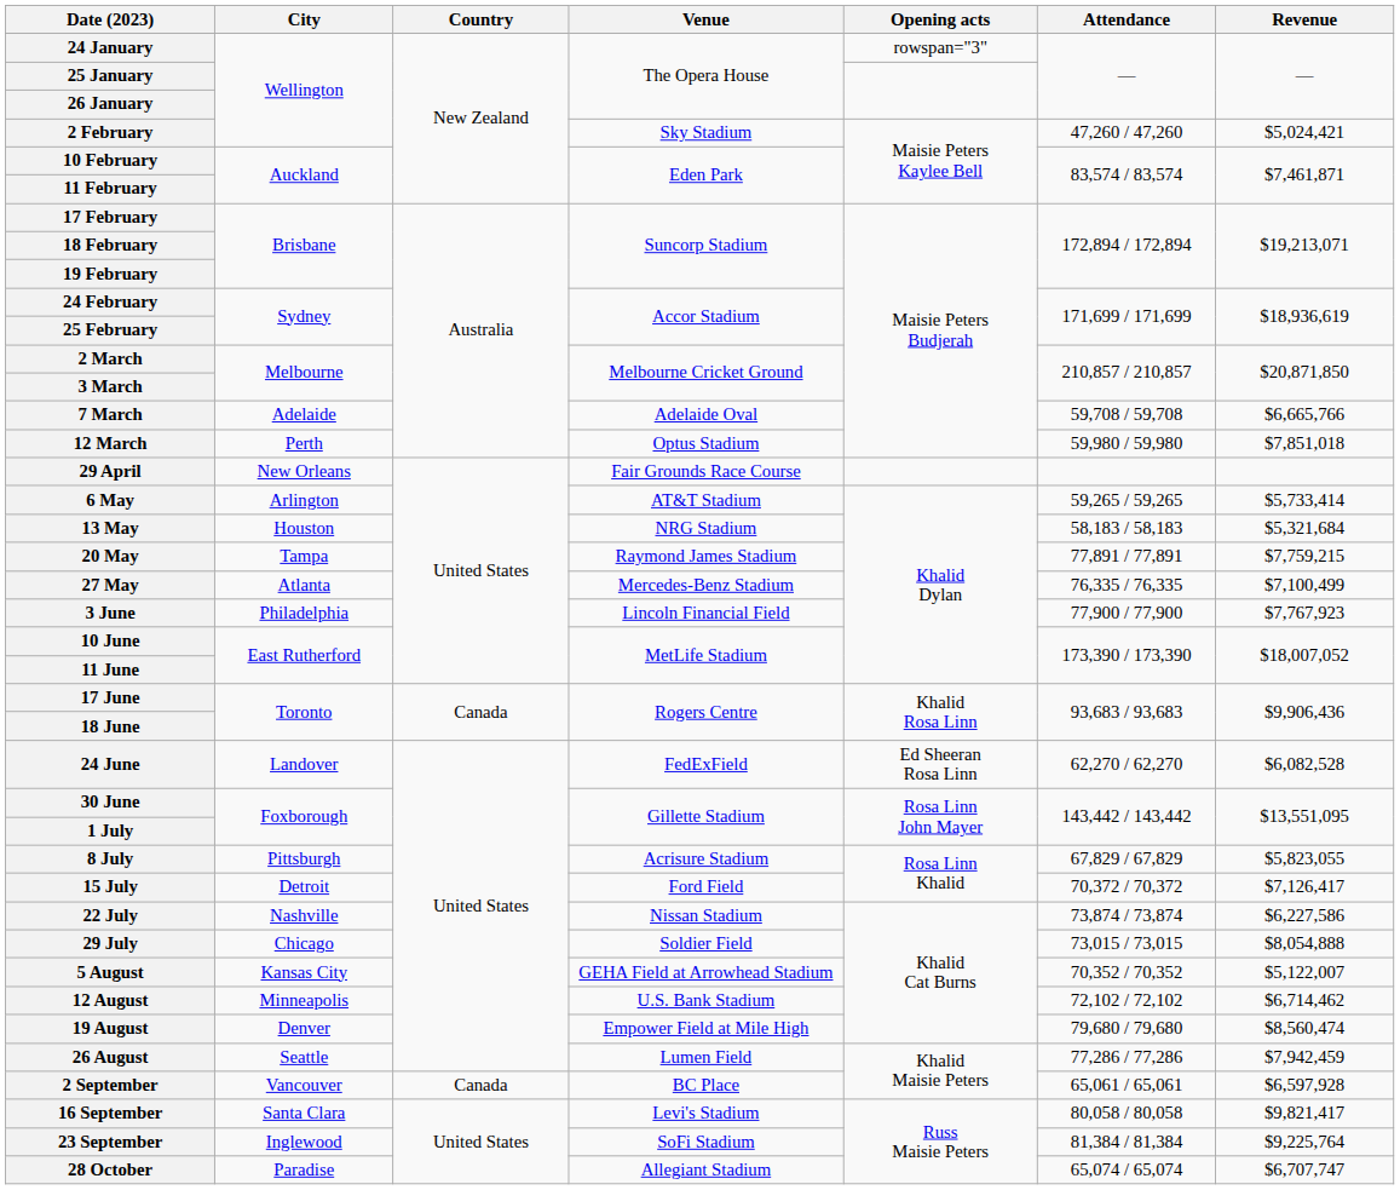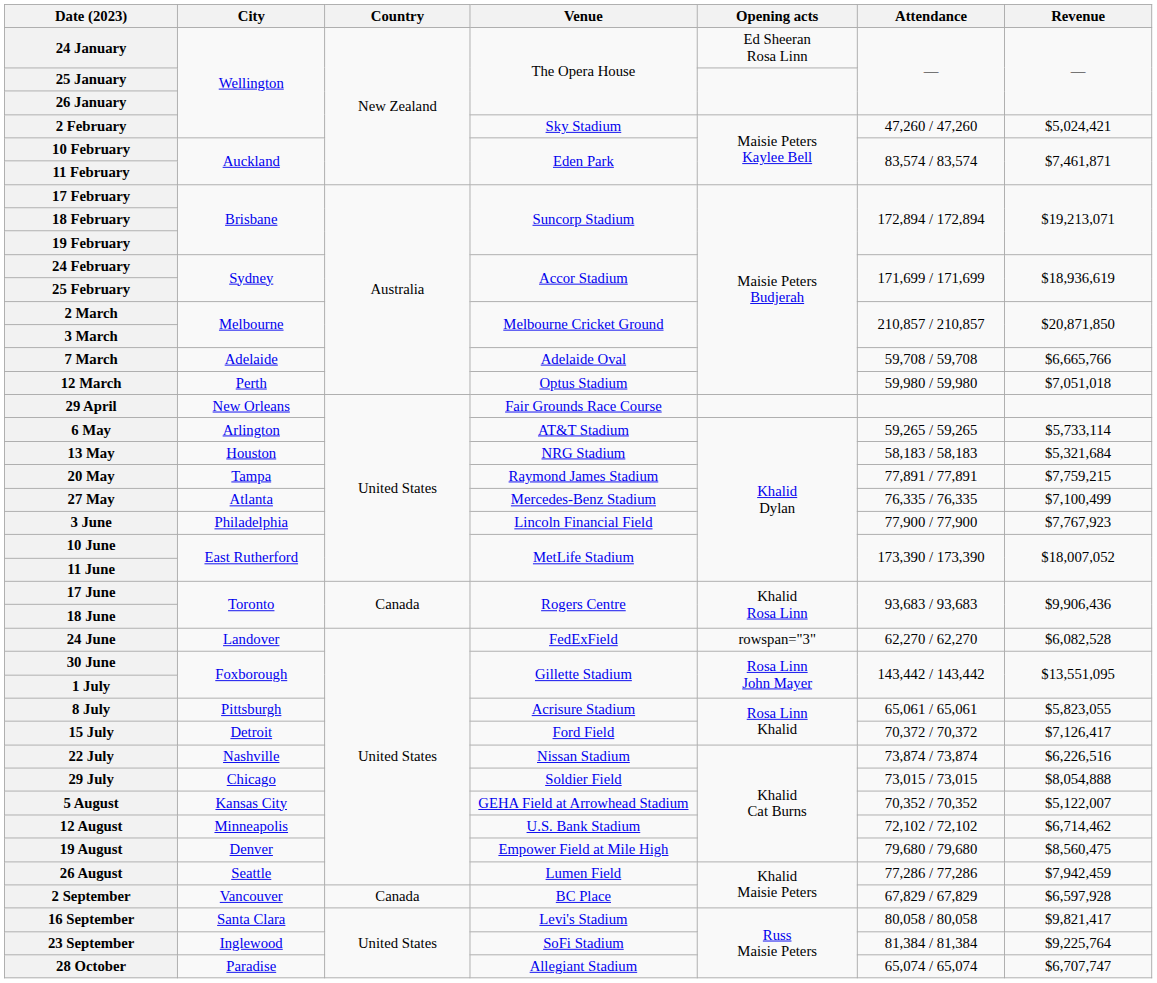 <table class="wikitable plainrowheaders" style="text-align:center;">
 <tr>
 <th scope="col" style="width:12em;">Date (2023)</th>
 <th scope="col" style="width:10em;">City</th>
 <th scope="col" style="width:10em;">Country</th>
 <th scope="col" style="width:16em;">Venue</th>
 <th scope="col" style="width:11em;">Opening acts</th>
 <th scope="col" style="width:10em;">Attendance</th>
 <th scope="col" style="width:10em;">Revenue</th>
 </tr>
 <tr>
 <th scope="row" style="text-align:center;">24 January</th>
 <td rowspan="4"><a href='#'>Wellington</a></td>
 <td rowspan="6">New Zealand</td>
 <td rowspan="3">The Opera House</td>
-<td>rowspan="3" </td>
+<td>Ed Sheeran<br>Rosa Linn</td>
 <td rowspan="3">—</td>
 <td rowspan="3">—</td>
 </tr>
 <tr>
 <th scope="row" style="text-align:center;">25 January</th>
 </tr>
 <tr>
 <th scope="row" style="text-align:center;">26 January</th>
 </tr>
 <tr>
 <th scope="row" style="text-align:center;">2 February</th>
 <td><a href='#'>Sky Stadium</a></td>
 <td rowspan="3">Maisie Peters <br> <a href='#'>Kaylee Bell</a></td>
 <td>47,260 / 47,260</td>
 <td>$5,024,421</td>
 </tr>
 <tr>
 <th scope="row" style="text-align:center;">10 February</th>
 <td rowspan="2"><a href='#'>Auckland</a></td>
 <td rowspan="2"><a href='#'>Eden Park</a></td>
 <td rowspan="2">83,574 / 83,574</td>
 <td rowspan="2">$7,461,871</td>
 </tr>
 <tr>
 <th scope="row" style="text-align:center;">11 February</th>
 </tr>
 <tr>
 <th scope="row" style="text-align:center;">17 February</th>
 <td rowspan="3"><a href='#'>Brisbane</a></td>
 <td rowspan="9">Australia</td>
 <td rowspan="3"><a href='#'>Suncorp Stadium</a></td>
 <td rowspan="9">Maisie Peters <br> <a href='#'>Budjerah</a></td>
 <td rowspan="3">172,894 / 172,894</td>
 <td rowspan="3">$19,213,071</td>
 </tr>
 <tr>
 <th scope="row" style="text-align:center;">18 February</th>
 </tr>
 <tr>
 <th scope="row" style="text-align:center;">19 February</th>
 </tr>
 <tr>
 <th scope="row" style="text-align:center;">24 February</th>
 <td rowspan="2"><a href='#'>Sydney</a></td>
 <td rowspan="2"><a href='#'>Accor Stadium</a></td>
 <td rowspan="2">171,699 / 171,699</td>
 <td rowspan="2">$18,936,619</td>
 </tr>
 <tr>
 <th scope="row" style="text-align:center;">25 February</th>
 </tr>
 <tr>
 <th scope="row" style="text-align:center;">2 March</th>
 <td rowspan="2"><a href='#'>Melbourne</a></td>
 <td rowspan="2"><a href='#'>Melbourne Cricket Ground</a></td>
 <td rowspan="2">210,857 / 210,857</td>
 <td rowspan="2">$20,871,850</td>
 </tr>
 <tr>
 <th scope="row" style="text-align:center;">3 March</th>
 </tr>
 <tr>
 <th scope="row" style="text-align:center;">7 March</th>
 <td><a href='#'>Adelaide</a></td>
 <td><a href='#'>Adelaide Oval</a></td>
 <td>59,708 / 59,708</td>
 <td>$6,665,766</td>
 </tr>
 <tr>
 <th scope="row" style="text-align:center;">12 March</th>
 <td><a href='#'>Perth</a></td>
 <td><a href='#'>Optus Stadium</a></td>
 <td>59,980 / 59,980</td>
-<td>$7,851,018</td>
+<td>$7,051,018</td>
 </tr>
 <tr>
 <th scope="row" style="text-align:center;">29 April</th>
 <td><a href='#'>New Orleans</a></td>
 <td rowspan="8">United States</td>
 <td><a href='#'>Fair Grounds Race Course</a></td>
 <td></td>
 <td></td>
 <td></td>
 </tr>
 <tr>
 <th scope="row" style="text-align:center;">6 May</th>
 <td><a href='#'>Arlington</a></td>
 <td><a href='#'>AT&T Stadium</a></td>
 <td rowspan="7"><a href='#'>Khalid</a><br>Dylan</td>
 <td>59,265 / 59,265</td>
-<td>$5,733,414</td>
+<td>$5,733,114</td>
 </tr>
 <tr>
 <th scope="row" style="text-align:center;">13 May</th>
 <td><a href='#'>Houston</a></td>
 <td><a href='#'>NRG Stadium</a></td>
 <td>58,183 / 58,183</td>
 <td>$5,321,684</td>
 </tr>
 <tr>
 <th scope="row" style="text-align:center;">20 May</th>
 <td><a href='#'>Tampa</a></td>
 <td><a href='#'>Raymond James Stadium</a></td>
 <td>77,891 / 77,891</td>
 <td>$7,759,215</td>
 </tr>
 <tr>
 <th scope="row" style="text-align:center;">27 May</th>
 <td><a href='#'>Atlanta</a></td>
 <td><a href='#'>Mercedes-Benz Stadium</a></td>
 <td>76,335 / 76,335</td>
 <td>$7,100,499</td>
 </tr>
 <tr>
 <th scope="row" style="text-align:center;">3 June</th>
 <td><a href='#'>Philadelphia</a></td>
 <td><a href='#'>Lincoln Financial Field</a></td>
 <td>77,900 / 77,900</td>
 <td>$7,767,923</td>
 </tr>
 <tr>
 <th scope="row" style="text-align:center;">10 June</th>
 <td rowspan="2"><a href='#'>East Rutherford</a></td>
 <td rowspan="2"><a href='#'>MetLife Stadium</a></td>
 <td rowspan="2">173,390 / 173,390</td>
 <td rowspan="2">$18,007,052</td>
 </tr>
 <tr>
 <th scope="row" style="text-align:center;">11 June</th>
 </tr>
 <tr>
 <th scope="row" style="text-align:center;">17 June</th>
 <td rowspan="2"><a href='#'>Toronto</a></td>
 <td rowspan="2">Canada</td>
 <td rowspan="2"><a href='#'>Rogers Centre</a></td>
 <td rowspan="2">Khalid<br><a href='#'>Rosa Linn</a></td>
 <td rowspan="2">93,683 / 93,683</td>
 <td rowspan="2">$9,906,436</td>
 </tr>
 <tr>
 <th scope="row" style="text-align:center;">18 June</th>
 </tr>
 <tr>
 <th scope="row" style="text-align:center;">24 June</th>
 <td><a href='#'>Landover</a></td>
 <td rowspan="11">United States</td>
 <td><a href='#'>FedExField</a></td>
-<td>Ed Sheeran<br>Rosa Linn</td>
+<td>rowspan="3" </td>
 <td>62,270 / 62,270</td>
 <td>$6,082,528</td>
 </tr>
 <tr>
 <th scope="row" style="text-align:center;">30 June</th>
 <td rowspan="2"><a href='#'>Foxborough</a></td>
 <td rowspan="2"><a href='#'>Gillette Stadium</a></td>
 <td rowspan="2"><a href='#'>Rosa Linn</a><br><a href='#'>John Mayer</a></td>
 <td rowspan="2">143,442 / 143,442</td>
 <td rowspan="2">$13,551,095</td>
 </tr>
 <tr>
 <th scope="row" style="text-align:center;">1 July</th>
 </tr>
 <tr>
 <th scope="row" style="text-align:center;">8 July</th>
 <td><a href='#'>Pittsburgh</a></td>
 <td><a href='#'>Acrisure Stadium</a></td>
 <td rowspan="2"><a href='#'>Rosa Linn</a><br>Khalid</td>
-<td>67,829 / 67,829</td>
+<td>65,061 / 65,061</td>
 <td>$5,823,055</td>
 </tr>
 <tr>
 <th scope="row" style="text-align:center;">15 July</th>
 <td><a href='#'>Detroit</a></td>
 <td><a href='#'>Ford Field</a></td>
 <td>70,372 / 70,372</td>
 <td>$7,126,417</td>
 </tr>
 <tr>
 <th scope="row" style="text-align:center;">22 July</th>
 <td><a href='#'>Nashville</a></td>
 <td><a href='#'>Nissan Stadium</a></td>
 <td rowspan="5">Khalid<br>Cat Burns</td>
 <td>73,874 / 73,874</td>
-<td>$6,227,586</td>
+<td>$6,226,516</td>
 </tr>
 <tr>
 <th scope="row" style="text-align:center;">29 July</th>
 <td><a href='#'>Chicago</a></td>
 <td><a href='#'>Soldier Field</a></td>
 <td>73,015 / 73,015</td>
 <td>$8,054,888</td>
 </tr>
 <tr>
 <th scope="row" style="text-align:center;">5 August</th>
 <td><a href='#'>Kansas City</a></td>
 <td><a href='#'>GEHA Field at Arrowhead Stadium</a></td>
 <td>70,352 / 70,352</td>
 <td>$5,122,007</td>
 </tr>
 <tr>
 <th scope="row" style="text-align:center;">12 August</th>
 <td><a href='#'>Minneapolis</a></td>
 <td><a href='#'>U.S. Bank Stadium</a></td>
 <td>72,102 / 72,102</td>
 <td>$6,714,462</td>
 </tr>
 <tr>
 <th scope="row" style="text-align:center;">19 August</th>
 <td><a href='#'>Denver</a></td>
 <td><a href='#'>Empower Field at Mile High</a></td>
 <td>79,680 / 79,680</td>
-<td>$8,560,474</td>
+<td>$8,560,475</td>
 </tr>
 <tr>
 <th scope="row" style="text-align:center;">26 August</th>
 <td><a href='#'>Seattle</a></td>
 <td><a href='#'>Lumen Field</a></td>
 <td rowspan="2">Khalid<br>Maisie Peters</td>
 <td>77,286 / 77,286</td>
 <td>$7,942,459</td>
 </tr>
 <tr>
 <th scope="row" style="text-align:center;">2 September</th>
 <td><a href='#'>Vancouver</a></td>
 <td>Canada</td>
 <td><a href='#'>BC Place</a></td>
-<td>65,061 / 65,061</td>
+<td>67,829 / 67,829</td>
 <td>$6,597,928</td>
 </tr>
 <tr>
 <th scope="row" style="text-align:center;">16 September</th>
 <td><a href='#'>Santa Clara</a></td>
 <td rowspan="3">United States</td>
 <td><a href='#'>Levi's Stadium</a></td>
 <td rowspan="3"><a href='#'>Russ</a><br>Maisie Peters</td>
 <td>80,058 / 80,058</td>
 <td>$9,821,417</td>
 </tr>
 <tr>
 <th scope="row" style="text-align:center;">23 September</th>
 <td><a href='#'>Inglewood</a></td>
 <td><a href='#'>SoFi Stadium</a></td>
 <td>81,384 / 81,384</td>
 <td>$9,225,764</td>
 </tr>
 <tr>
 <th scope="row" style="text-align:center;">28 October</th>
 <td><a href='#'>Paradise</a></td>
 <td><a href='#'>Allegiant Stadium</a></td>
 <td>65,074 / 65,074</td>
 <td>$6,707,747</td>
 </tr>
 </table>
